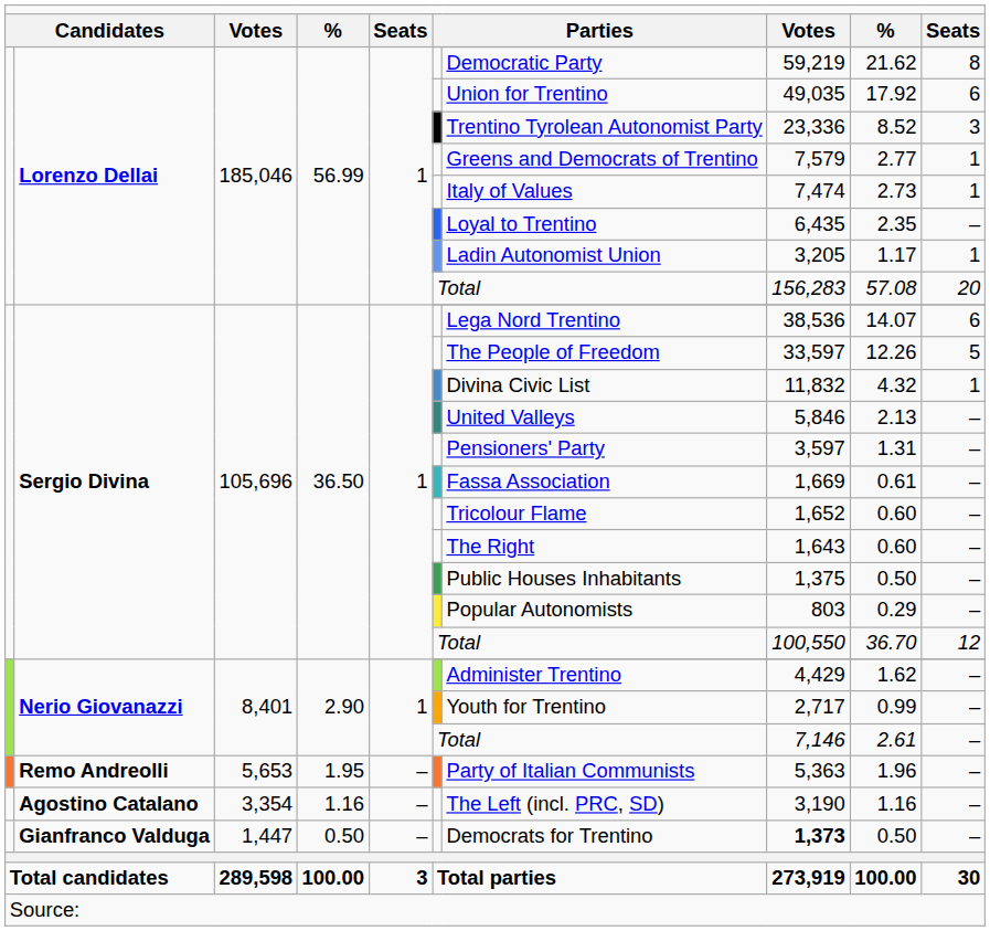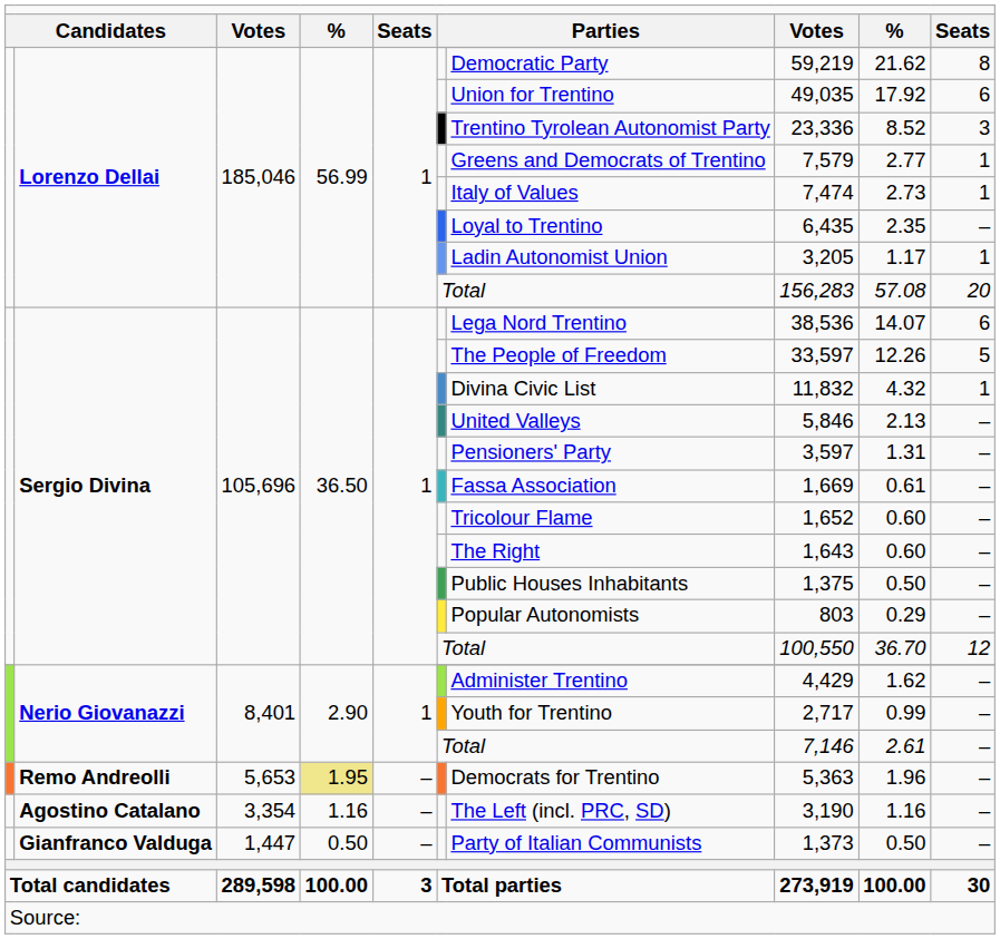 <table class="wikitable">
 <tr>
 <td colspan=10></td>
 </tr>
 <tr>
 <th colspan=2>Candidates</th>
 <th>Votes</th>
 <th>%</th>
 <th>Seats</th>
 <th colspan=2>Parties</th>
 <th>Votes</th>
 <th>%</th>
 <th>Seats</th>
 </tr>
 <tr>
 <td rowspan=9></td>
 <td rowspan=9><strong><a href='#'>Lorenzo Dellai</a></strong></td>
 <td rowspan=9 align=right>185,046</td>
 <td rowspan=9 align=right>56.99</td>
 <td rowspan=9 align=right>1</td>
 </tr>
 <tr>
 <td></td>
 <td><a href='#'>Democratic Party</a></td>
 <td style="text-align:right;">59,219</td>
 <td style="text-align:right;">21.62</td>
 <td style="text-align:right;">8</td>
 </tr>
 <tr>
 <td></td>
 <td><a href='#'>Union for Trentino</a></td>
 <td style="text-align:right;">49,035</td>
 <td style="text-align:right;">17.92</td>
 <td style="text-align:right;">6</td>
 </tr>
 <tr>
 <td bgcolor="black"></td>
 <td><a href='#'>Trentino Tyrolean Autonomist Party</a></td>
 <td style="text-align:right;">23,336</td>
 <td style="text-align:right;">8.52</td>
 <td style="text-align:right;">3</td>
 </tr>
 <tr>
 <td></td>
 <td><a href='#'>Greens and Democrats of Trentino</a></td>
 <td style="text-align:right;">7,579</td>
 <td style="text-align:right;">2.77</td>
 <td style="text-align:right;">1</td>
 </tr>
 <tr>
 <td></td>
 <td><a href='#'>Italy of Values</a></td>
 <td style="text-align:right;">7,474</td>
 <td style="text-align:right;">2.73</td>
 <td style="text-align:right;">1</td>
 </tr>
 <tr>
 <td bgcolor="#2B65EC"></td>
 <td><a href='#'>Loyal to Trentino</a></td>
 <td style="text-align:right;">6,435</td>
 <td style="text-align:right;">2.35</td>
 <td style="text-align:right;">–</td>
 </tr>
 <tr>
 <td bgcolor="#6495ED"></td>
 <td><a href='#'>Ladin Autonomist Union</a></td>
 <td style="text-align:right;">3,205</td>
 <td style="text-align:right;">1.17</td>
 <td style="text-align:right;">1</td>
 </tr>
 <tr>
 <td colspan=2><em>Total</em></td>
 <td align=right><em>156,283</em></td>
 <td align=right><em>57.08</em></td>
 <td align=right><em>20</em></td>
 </tr>
 <tr>
 <td rowspan=12></td>
 <td rowspan=12><strong>Sergio Divina</strong></td>
 <td rowspan=12 align=right>105,696</td>
 <td rowspan=12 align=right>36.50</td>
 <td rowspan=12 align=right>1</td>
 </tr>
 <tr>
 <td></td>
 <td><a href='#'>Lega Nord Trentino</a></td>
 <td style="text-align:right;">38,536</td>
 <td style="text-align:right;">14.07</td>
 <td style="text-align:right;">6</td>
 </tr>
 <tr>
 <td></td>
 <td><a href='#'>The People of Freedom</a></td>
 <td style="text-align:right;">33,597</td>
 <td style="text-align:right;">12.26</td>
 <td style="text-align:right;">5</td>
 </tr>
 <tr>
 <td bgcolor="#488AC7"></td>
 <td>Divina Civic List</td>
 <td style="text-align:right;">11,832</td>
 <td style="text-align:right;">4.32</td>
 <td style="text-align:right;">1</td>
 </tr>
 <tr>
 <td bgcolor="#348781"></td>
 <td><a href='#'>United Valleys</a></td>
 <td style="text-align:right;">5,846</td>
 <td style="text-align:right;">2.13</td>
 <td style="text-align:right;">–</td>
 </tr>
 <tr>
 <td></td>
 <td><a href='#'>Pensioners' Party</a></td>
 <td style="text-align:right;">3,597</td>
 <td style="text-align:right;">1.31</td>
 <td style="text-align:right;">–</td>
 </tr>
 <tr>
 <td bgcolor="#39B5BD"></td>
 <td><a href='#'>Fassa Association</a></td>
 <td style="text-align:right;">1,669</td>
 <td style="text-align:right;">0.61</td>
 <td style="text-align:right;">–</td>
 </tr>
 <tr>
 <td></td>
 <td><a href='#'>Tricolour Flame</a></td>
 <td style="text-align:right;">1,652</td>
 <td style="text-align:right;">0.60</td>
 <td style="text-align:right;">–</td>
 </tr>
 <tr>
 <td></td>
 <td><a href='#'>The Right</a></td>
 <td style="text-align:right;">1,643</td>
 <td style="text-align:right;">0.60</td>
 <td style="text-align:right;">–</td>
 </tr>
 <tr>
 <td bgcolor="#3EA055"></td>
 <td>Public Houses Inhabitants</td>
 <td style="text-align:right;">1,375</td>
 <td style="text-align:right;">0.50</td>
 <td style="text-align:right;">–</td>
 </tr>
 <tr>
 <td bgcolor="#FFEB3B"></td>
 <td>Popular Autonomists</td>
 <td style="text-align:right;">803</td>
 <td style="text-align:right;">0.29</td>
 <td style="text-align:right;">–</td>
 </tr>
 <tr>
 <td colspan=2><em>Total</em></td>
 <td align=right><em>100,550</em></td>
 <td align=right><em>36.70</em></td>
 <td align=right><em>12</em></td>
 </tr>
 <tr>
 <td rowspan=4 bgcolor="#9CE44B"></td>
 <td rowspan=4><strong><a href='#'>Nerio Giovanazzi</a></strong></td>
 <td rowspan=4 align=right>8,401</td>
 <td rowspan=4 align=right>2.90</td>
 <td rowspan=4 align=right>1</td>
 </tr>
 <tr>
 <td bgcolor="#9CE44B"></td>
 <td><a href='#'>Administer Trentino</a></td>
 <td style="text-align:right;">4,429</td>
 <td style="text-align:right;">1.62</td>
 <td style="text-align:right;">–</td>
 </tr>
 <tr>
 <td bgcolor="#FFA700"></td>
 <td>Youth for Trentino</td>
 <td style="text-align:right;">2,717</td>
 <td style="text-align:right;">0.99</td>
 <td style="text-align:right;">–</td>
 </tr>
 <tr>
 <td colspan=2><em>Total</em></td>
 <td align=right><em>7,146</em></td>
 <td align=right><em>2.61</em></td>
 <td align=right><em>–</em></td>
 </tr>
 <tr>
 <td bgcolor="#F87431"></td>
 <td><strong>Remo Andreolli</strong></td>
 <td align=right>5,653</td>
-<td align=right>1.95</td>
+<td align=right style="background: khaki;">1.95</td>
 <td align=right>–</td>
 <td bgcolor="#F87431"></td>
-<td><a href='#'>Party of Italian Communists</a></td>
+<td>Democrats for Trentino</td>
 <td style="text-align:right;">5,363</td>
 <td style="text-align:right;">1.96</td>
 <td style="text-align:right;">–</td>
 </tr>
 <tr>
 <td></td>
 <td><strong>Agostino Catalano</strong></td>
 <td align=right>3,354</td>
 <td align=right>1.16</td>
 <td align=right>–</td>
 <td></td>
 <td><a href='#'>The Left</a> (incl. <a href='#'>PRC</a>, <a href='#'>SD</a>)</td>
 <td style="text-align:right;">3,190</td>
 <td style="text-align:right;">1.16</td>
 <td style="text-align:right;">–</td>
 </tr>
 <tr>
 <td></td>
 <td><strong>Gianfranco Valduga</strong></td>
 <td align=right>1,447</td>
 <td align=right>0.50</td>
 <td align=right>–</td>
 <td></td>
-<td>Democrats for Trentino</td>
-<td style="text-align:right;"><strong>1,373</strong></td>
+<td><a href='#'>Party of Italian Communists</a></td>
+<td style="text-align:right;">1,373</td>
 <td style="text-align:right;">0.50</td>
 <td style="text-align:right;">–</td>
 </tr>
 <tr>
 <th colspan=10></th>
 </tr>
 <tr>
 <td colspan=2><strong>Total candidates</strong></td>
 <td align=right><strong>289,598</strong></td>
 <td align=right><strong>100.00</strong></td>
 <td align=right><strong>3</strong></td>
 <td colspan=2><strong>Total parties</strong></td>
 <td align=right><strong>273,919</strong></td>
 <td align=right><strong>100.00</strong></td>
 <td align=right><strong>30</strong></td>
 </tr>
 <tr>
 <td colspan=10>Source: </td>
 </tr>
 </table>
